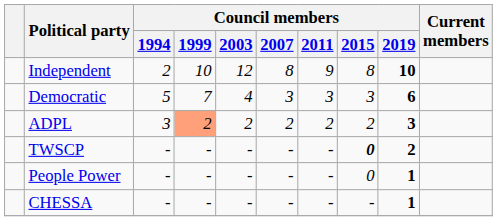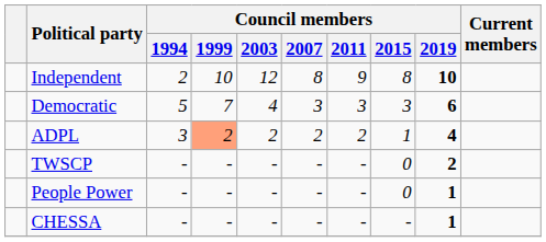 <table class="wikitable">
 <tr>
 <th rowspan="2">   </th>
 <th rowspan="2">Political party</th>
 <th colspan="7">Council members</th>
 <th colspan="13" rowspan="2">Current<br>members</th>
 </tr>
 <tr>
 <th><a href='#'>1994</a></th>
 <th><a href='#'>1999</a></th>
 <th><a href='#'>2003</a></th>
 <th><a href='#'>2007</a></th>
 <th><a href='#'>2011</a></th>
 <th><a href='#'>2015</a></th>
 <th><a href='#'>2019</a></th>
 </tr>
 <tr>
 <td bgcolor=> </td>
 <td><a href='#'>Independent</a></td>
 <td style="text-align: right"><em>2</em></td>
 <td style="text-align: right"><em>10</em></td>
 <td style="text-align: right"><em>12</em></td>
 <td style="text-align: right"><em>8</em></td>
 <td style="text-align: right"><em>9</em></td>
 <td style="text-align: right"><em>8</em></td>
 <td style="text-align: right"><strong>10</strong></td>
 <td></td>
 </tr>
 <tr>
 <td bgcolor=> </td>
 <td><a href='#'>Democratic</a></td>
 <td style="text-align: right"><em>5</em></td>
 <td style="text-align: right"><em>7</em></td>
 <td style="text-align: right"><em>4</em></td>
 <td style="text-align: right"><em>3</em></td>
 <td style="text-align: right"><em>3</em></td>
 <td style="text-align: right"><em>3</em></td>
 <td style="text-align: right"><strong>6</strong></td>
 <td></td>
 </tr>
 <tr>
 <td style="background-color:"> </td>
 <td><a href='#'>ADPL</a></td>
 <td style="text-align: right"><em>3</em></td>
 <td style="background: lightsalmon; text-align: right"><em>2</em></td>
 <td style="text-align: right"><em>2</em></td>
 <td style="text-align: right"><em>2</em></td>
 <td style="text-align: right"><em>2</em></td>
-<td style="text-align: right"><em>2</em></td>
-<td style="text-align: right"><strong>3</strong></td>
+<td style="text-align: right"><em>1</em></td>
+<td style="text-align: right"><strong>4</strong></td>
 <td></td>
 </tr>
 <tr>
 <td bgcolor=> </td>
 <td><a href='#'>TWSCP</a></td>
 <td style="text-align: right"><em>-</em></td>
 <td style="text-align: right"><em>-</em></td>
 <td style="text-align: right"><em>-</em></td>
 <td style="text-align: right"><em>-</em></td>
 <td style="text-align: right"><em>-</em></td>
-<td style="text-align: right"><strong><em>0</em></strong></td>
+<td style="text-align: right"><em>0</em></td>
 <td style="text-align: right"><strong>2</strong></td>
 <td></td>
 </tr>
 <tr>
 <td bgcolor=> </td>
 <td><a href='#'>People Power</a></td>
 <td style="text-align: right"><em>-</em></td>
 <td style="text-align: right"><em>-</em></td>
 <td style="text-align: right"><em>-</em></td>
 <td style="text-align: right"><em>-</em></td>
 <td style="text-align: right"><em>-</em></td>
 <td style="text-align: right"><em>0</em></td>
 <td style="text-align: right"><strong>1</strong></td>
 <td></td>
 </tr>
 <tr>
 <td bgcolor=> </td>
 <td><a href='#'>CHESSA</a></td>
 <td style="text-align: right"><em>-</em></td>
 <td style="text-align: right"><em>-</em></td>
 <td style="text-align: right"><em>-</em></td>
 <td style="text-align: right"><em>-</em></td>
 <td style="text-align: right"><em>-</em></td>
 <td style="text-align: right"><em>-</em></td>
 <td style="text-align: right"><strong>1</strong></td>
 <td></td>
 </tr>
 <tr>
 </tr>
 </table>
